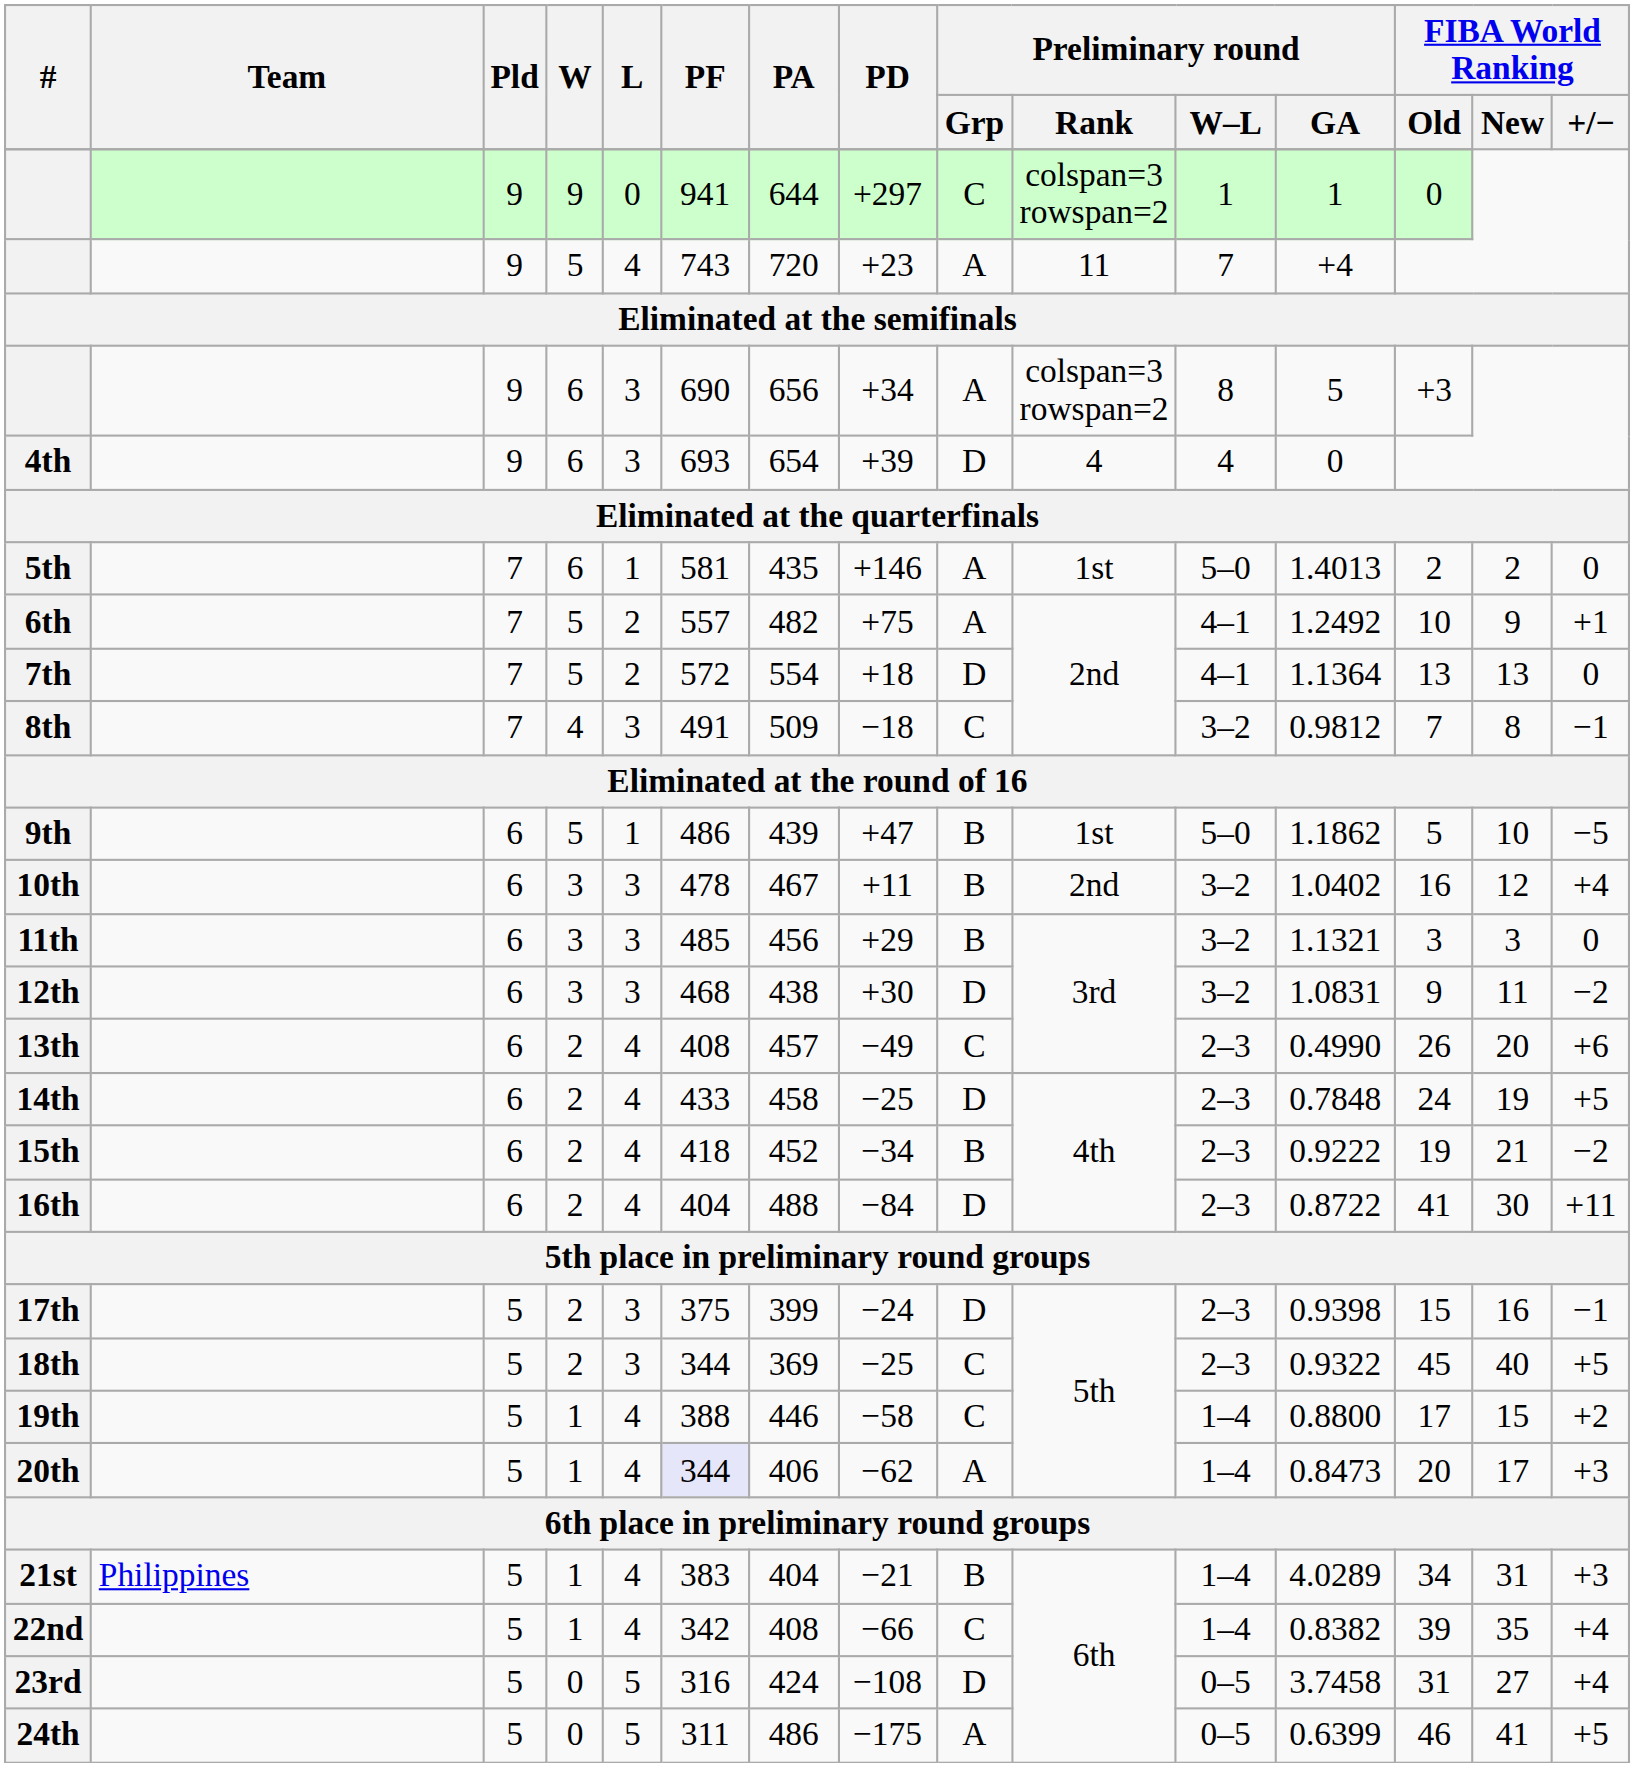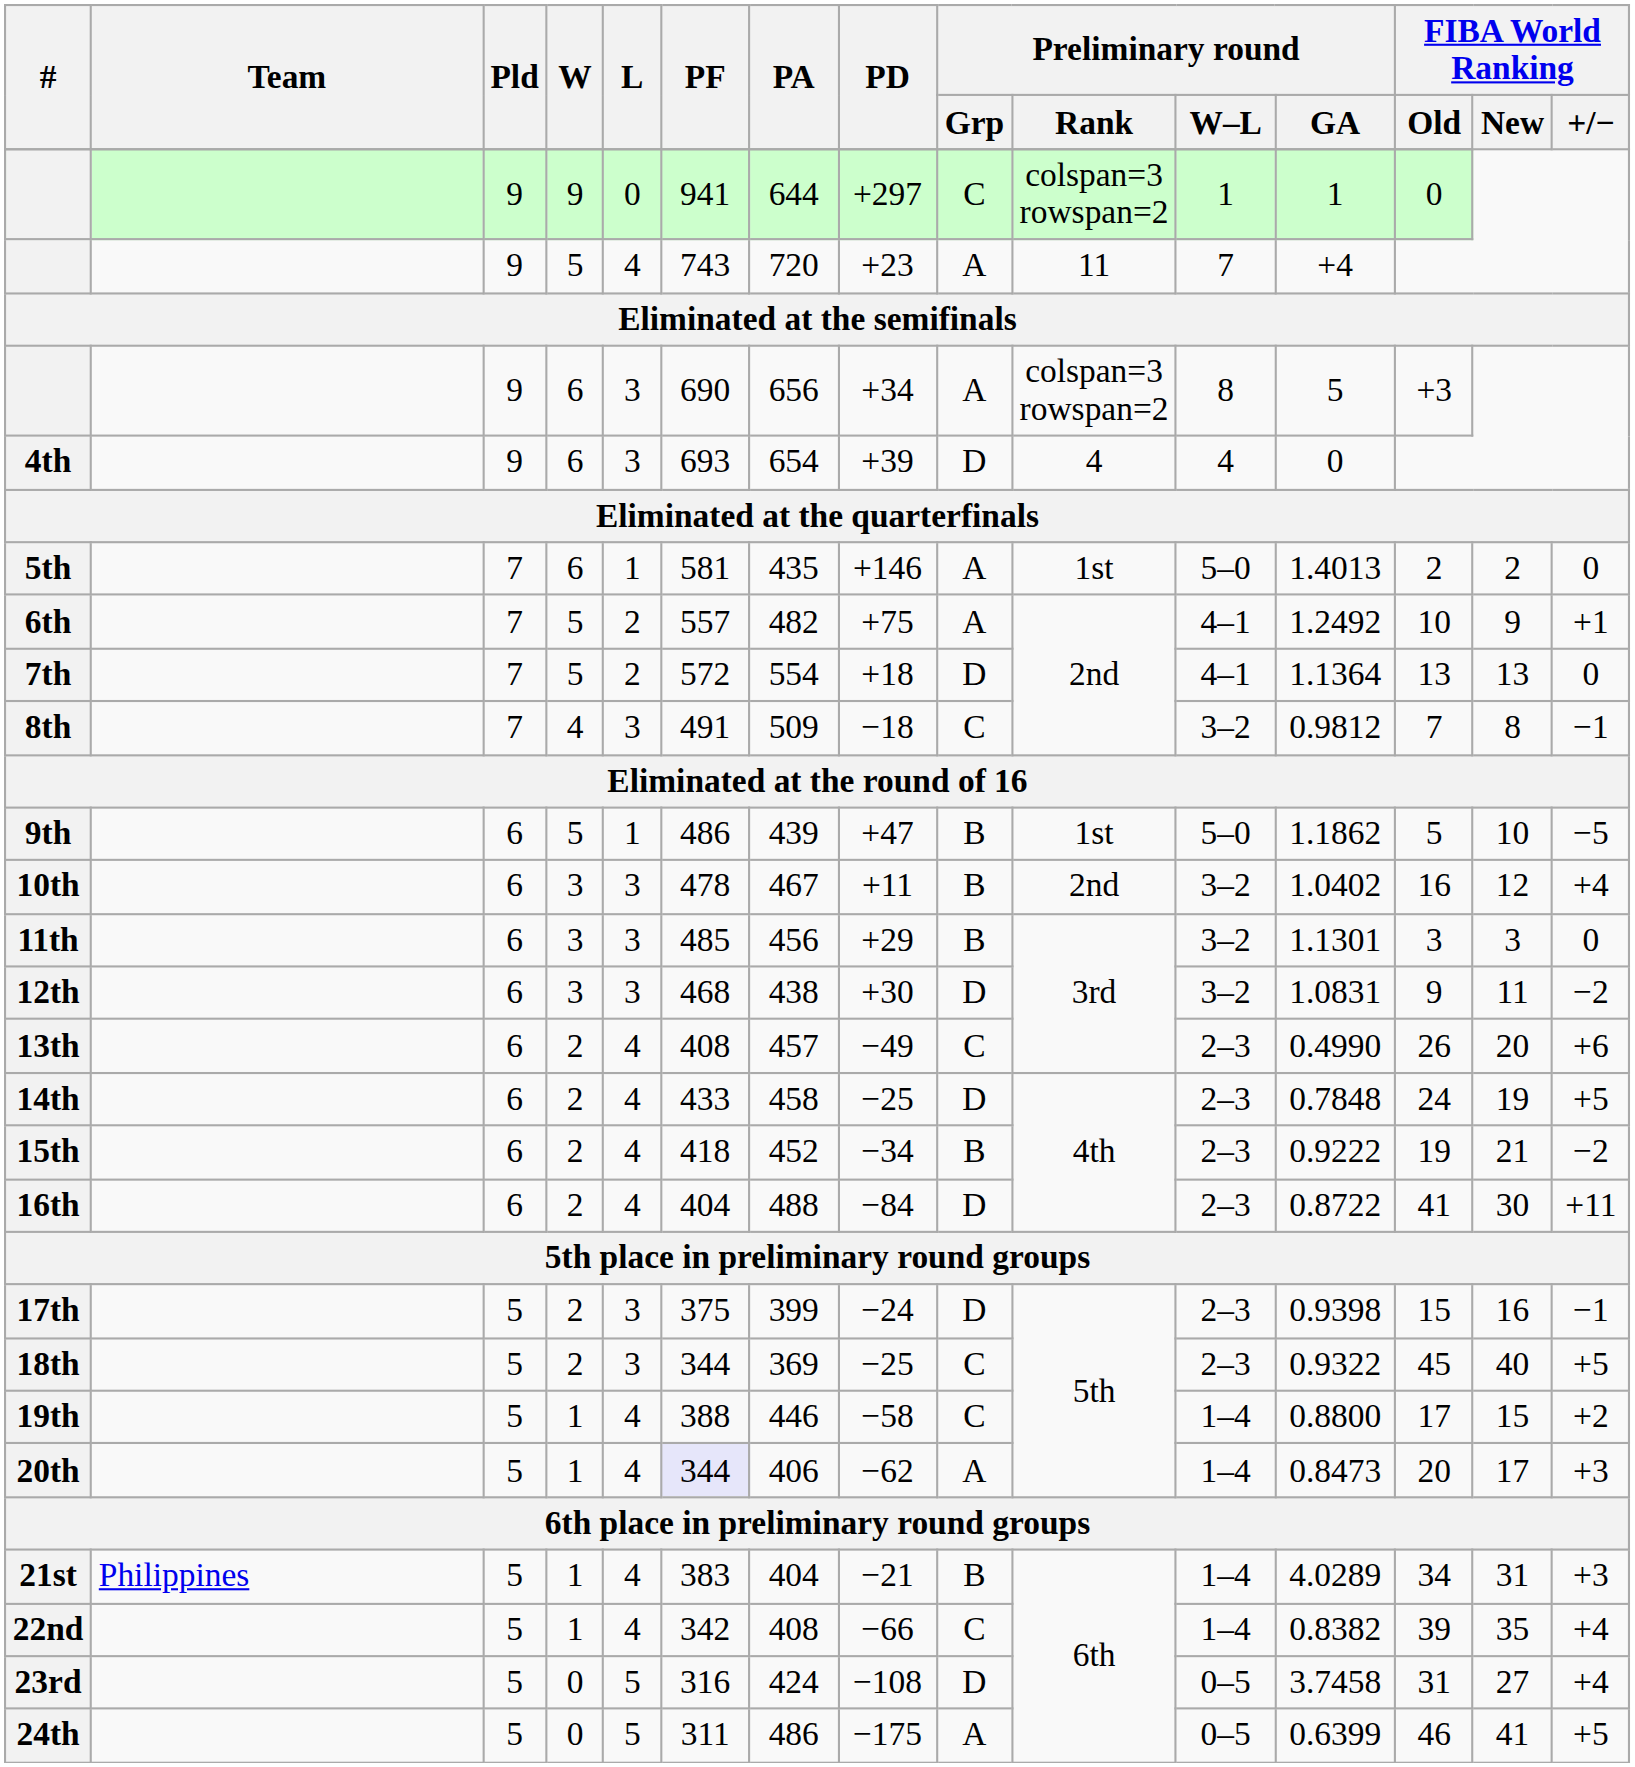 <table class=wikitable style="text-align:center;">
 <tr>
 <th rowspan=2>#</th>
 <th width=180px rowspan=2>Team</th>
 <th width=20px rowspan=2>Pld</th>
 <th width=20px rowspan=2>W</th>
 <th width=20px rowspan=2>L</th>
 <th width=35px rowspan=2>PF</th>
 <th width=35px rowspan=2>PA</th>
 <th width=40px rowspan=2>PD</th>
 <th colspan=4>Preliminary round</th>
 <th colspan=3><a href='#'>FIBA World Ranking</a></th>
 </tr>
 <tr>
 <th width=20px>Grp</th>
 <th width=20px>Rank</th>
 <th width=40px>W–L</th>
 <th width=50px>GA</th>
 <th width=30px>Old</th>
 <th width=30px>New</th>
 <th width=30px>+/−</th>
 </tr>
 <tr>
 </tr>
 <tr bgcolor=#ccffcc>
 <th></th>
 <td align=left></td>
 <td>9</td>
 <td>9</td>
 <td>0</td>
 <td>941</td>
 <td>644</td>
 <td>+297</td>
 <td>C</td>
 <td>colspan=3 rowspan=2  </td>
 <td>1</td>
 <td>1</td>
 <td>0</td>
 </tr>
 <tr>
 <th></th>
 <td align=left></td>
 <td>9</td>
 <td>5</td>
 <td>4</td>
 <td>743</td>
 <td>720</td>
 <td>+23</td>
 <td>A</td>
 <td>11</td>
 <td>7</td>
 <td>+4</td>
 </tr>
 <tr>
 <th colspan=15>Eliminated at the semifinals</th>
 </tr>
 <tr>
 <th></th>
 <td align=left></td>
 <td>9</td>
 <td>6</td>
 <td>3</td>
 <td>690</td>
 <td>656</td>
 <td>+34</td>
 <td>A</td>
 <td>colspan=3 rowspan=2  </td>
 <td>8</td>
 <td>5</td>
 <td>+3</td>
 </tr>
 <tr>
 <th>4th</th>
 <td align=left></td>
 <td>9</td>
 <td>6</td>
 <td>3</td>
 <td>693</td>
 <td>654</td>
 <td>+39</td>
 <td>D</td>
 <td>4</td>
 <td>4</td>
 <td>0</td>
 </tr>
 <tr>
 <th colspan=15>Eliminated at the quarterfinals</th>
 </tr>
 <tr>
 <th>5th</th>
 <td align=left></td>
 <td>7</td>
 <td>6</td>
 <td>1</td>
 <td>581</td>
 <td>435</td>
 <td>+146</td>
 <td>A</td>
 <td>1st</td>
 <td>5–0</td>
 <td>1.4013</td>
 <td>2</td>
 <td>2</td>
 <td>0</td>
 </tr>
 <tr>
 <th>6th</th>
 <td align=left></td>
 <td>7</td>
 <td>5</td>
 <td>2</td>
 <td>557</td>
 <td>482</td>
 <td>+75</td>
 <td>A</td>
 <td rowspan=3>2nd</td>
 <td>4–1</td>
 <td>1.2492</td>
 <td>10</td>
 <td>9</td>
 <td>+1</td>
 </tr>
 <tr>
 <th>7th</th>
 <td align=left></td>
 <td>7</td>
 <td>5</td>
 <td>2</td>
 <td>572</td>
 <td>554</td>
 <td>+18</td>
 <td>D</td>
 <td>4–1</td>
 <td>1.1364</td>
 <td>13</td>
 <td>13</td>
 <td>0</td>
 </tr>
 <tr>
 <th>8th</th>
 <td align=left></td>
 <td>7</td>
 <td>4</td>
 <td>3</td>
 <td>491</td>
 <td>509</td>
 <td>−18</td>
 <td>C</td>
 <td>3–2</td>
 <td>0.9812</td>
 <td>7</td>
 <td>8</td>
 <td>−1</td>
 </tr>
 <tr>
 <th colspan=15>Eliminated at the round of 16</th>
 </tr>
 <tr>
 <th>9th</th>
 <td align=left></td>
 <td>6</td>
 <td>5</td>
 <td>1</td>
 <td>486</td>
 <td>439</td>
 <td>+47</td>
 <td>B</td>
 <td>1st</td>
 <td>5–0</td>
 <td>1.1862</td>
 <td>5</td>
 <td>10</td>
 <td>−5</td>
 </tr>
 <tr>
 <th>10th</th>
 <td align=left></td>
 <td>6</td>
 <td>3</td>
 <td>3</td>
 <td>478</td>
 <td>467</td>
 <td>+11</td>
 <td>B</td>
 <td>2nd</td>
 <td>3–2</td>
 <td>1.0402</td>
 <td>16</td>
 <td>12</td>
 <td>+4</td>
 </tr>
 <tr>
 <th>11th</th>
 <td align=left></td>
 <td>6</td>
 <td>3</td>
 <td>3</td>
 <td>485</td>
 <td>456</td>
 <td>+29</td>
 <td>B</td>
 <td rowspan=3>3rd</td>
 <td>3–2</td>
-<td>1.1321</td>
+<td>1.1301</td>
 <td>3</td>
 <td>3</td>
 <td>0</td>
 </tr>
 <tr>
 <th>12th</th>
 <td align=left></td>
 <td>6</td>
 <td>3</td>
 <td>3</td>
 <td>468</td>
 <td>438</td>
 <td>+30</td>
 <td>D</td>
 <td>3–2</td>
 <td>1.0831</td>
 <td>9</td>
 <td>11</td>
 <td>−2</td>
 </tr>
 <tr>
 <th>13th</th>
 <td align=left></td>
 <td>6</td>
 <td>2</td>
 <td>4</td>
 <td>408</td>
 <td>457</td>
 <td>−49</td>
 <td>C</td>
 <td>2–3</td>
 <td>0.4990</td>
 <td>26</td>
 <td>20</td>
 <td>+6</td>
 </tr>
 <tr>
 <th>14th</th>
 <td align=left></td>
 <td>6</td>
 <td>2</td>
 <td>4</td>
 <td>433</td>
 <td>458</td>
 <td>−25</td>
 <td>D</td>
 <td rowspan=3>4th</td>
 <td>2–3</td>
 <td>0.7848</td>
 <td>24</td>
 <td>19</td>
 <td>+5</td>
 </tr>
 <tr>
 <th>15th</th>
 <td align=left></td>
 <td>6</td>
 <td>2</td>
 <td>4</td>
 <td>418</td>
 <td>452</td>
 <td>−34</td>
 <td>B</td>
 <td>2–3</td>
 <td>0.9222</td>
 <td>19</td>
 <td>21</td>
 <td>−2</td>
 </tr>
 <tr>
 <th>16th</th>
 <td align=left></td>
 <td>6</td>
 <td>2</td>
 <td>4</td>
 <td>404</td>
 <td>488</td>
 <td>−84</td>
 <td>D</td>
 <td>2–3</td>
 <td>0.8722</td>
 <td>41</td>
 <td>30</td>
 <td>+11</td>
 </tr>
 <tr>
 <th colspan=15>5th place in preliminary round groups</th>
 </tr>
 <tr>
 <th>17th</th>
 <td align=left></td>
 <td>5</td>
 <td>2</td>
 <td>3</td>
 <td>375</td>
 <td>399</td>
 <td>−24</td>
 <td>D</td>
 <td rowspan=4>5th</td>
 <td>2–3</td>
 <td>0.9398</td>
 <td>15</td>
 <td>16</td>
 <td>−1</td>
 </tr>
 <tr>
 <th>18th</th>
 <td align=left></td>
 <td>5</td>
 <td>2</td>
 <td>3</td>
 <td>344</td>
 <td>369</td>
 <td>−25</td>
 <td>C</td>
 <td>2–3</td>
 <td>0.9322</td>
 <td>45</td>
 <td>40</td>
 <td>+5</td>
 </tr>
 <tr>
 <th>19th</th>
 <td align=left></td>
 <td>5</td>
 <td>1</td>
 <td>4</td>
 <td>388</td>
 <td>446</td>
 <td>−58</td>
 <td>C</td>
 <td>1–4</td>
 <td>0.8800</td>
 <td>17</td>
 <td>15</td>
 <td>+2</td>
 </tr>
 <tr>
 <th>20th</th>
 <td align=left></td>
 <td>5</td>
 <td>1</td>
 <td>4</td>
 <td style="background: lavender;">344</td>
 <td>406</td>
 <td>−62</td>
 <td>A</td>
 <td>1–4</td>
 <td>0.8473</td>
 <td>20</td>
 <td>17</td>
 <td>+3</td>
 </tr>
 <tr>
 <th colspan=15>6th place in preliminary round groups</th>
 </tr>
 <tr>
 <th>21st</th>
 <td align=left> <a href='#'>Philippines</a></td>
 <td>5</td>
 <td>1</td>
 <td>4</td>
 <td>383</td>
 <td>404</td>
 <td>−21</td>
 <td>B</td>
 <td rowspan=4>6th</td>
 <td>1–4</td>
 <td>4.0289</td>
 <td>34</td>
 <td>31</td>
 <td>+3</td>
 </tr>
 <tr>
 <th>22nd</th>
 <td align=left></td>
 <td>5</td>
 <td>1</td>
 <td>4</td>
 <td>342</td>
 <td>408</td>
 <td>−66</td>
 <td>C</td>
 <td>1–4</td>
 <td>0.8382</td>
 <td>39</td>
 <td>35</td>
 <td>+4</td>
 </tr>
 <tr>
 <th>23rd</th>
 <td align=left></td>
 <td>5</td>
 <td>0</td>
 <td>5</td>
 <td>316</td>
 <td>424</td>
 <td>−108</td>
 <td>D</td>
 <td>0–5</td>
 <td>3.7458</td>
 <td>31</td>
 <td>27</td>
 <td>+4</td>
 </tr>
 <tr>
 <th>24th</th>
 <td align=left></td>
 <td>5</td>
 <td>0</td>
 <td>5</td>
 <td>311</td>
 <td>486</td>
 <td>−175</td>
 <td>A</td>
 <td>0–5</td>
 <td>0.6399</td>
 <td>46</td>
 <td>41</td>
 <td>+5</td>
 </tr>
 </table>
